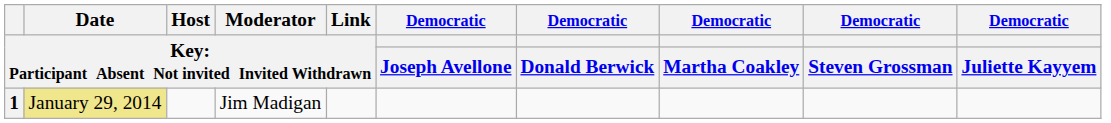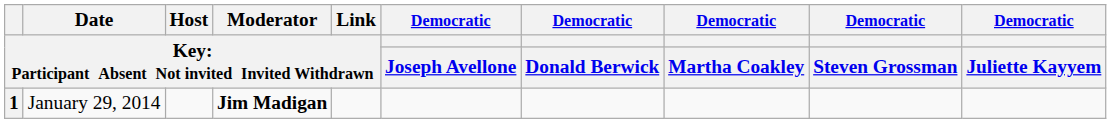 <table class="wikitable" style="text-align:center;">
 <tr>
 <th scope="col"></th>
 <th scope="col">Date</th>
 <th scope="col">Host</th>
 <th scope="col">Moderator</th>
 <th scope="col">Link</th>
 <th scope="col"><small><a href='#'>Democratic</a></small></th>
 <th scope="col"><small><a href='#'>Democratic</a></small></th>
 <th scope="col"><small><a href='#'>Democratic</a></small></th>
 <th scope="col"><small><a href='#'>Democratic</a></small></th>
 <th scope="col"><small><a href='#'>Democratic</a></small></th>
 </tr>
 <tr>
 <th colspan="5" rowspan="2">Key:<br> <small>Participant </small>  <small>Absent </small>  <small>Not invited </small>  <small>Invited  Withdrawn</small></th>
 <th scope="col" style="background:"></th>
 <th scope="col" style="background:"></th>
 <th scope="col" style="background:"></th>
 <th scope="col" style="background:"></th>
 <th scope="col" style="background:"></th>
 </tr>
 <tr>
 <th scope="col"><a href='#'>Joseph Avellone</a></th>
 <th scope="col"><a href='#'>Donald Berwick</a></th>
 <th scope="col"><a href='#'>Martha Coakley</a></th>
 <th scope="col"><a href='#'>Steven Grossman</a></th>
 <th scope="col"><a href='#'>Juliette Kayyem</a></th>
 </tr>
 <tr>
 <th>1</th>
-<td style="background: khaki; white-space:nowrap;">January 29, 2014</td>
+<td style="white-space:nowrap;">January 29, 2014</td>
 <td style="white-space:nowrap;"></td>
-<td style="white-space:nowrap;">Jim Madigan</td>
+<td style="white-space:nowrap;"><strong>Jim Madigan</strong></td>
 <td style="white-space:nowrap;"></td>
 <td></td>
 <td></td>
 <td></td>
 <td></td>
 <td></td>
 </tr>
 </table>
